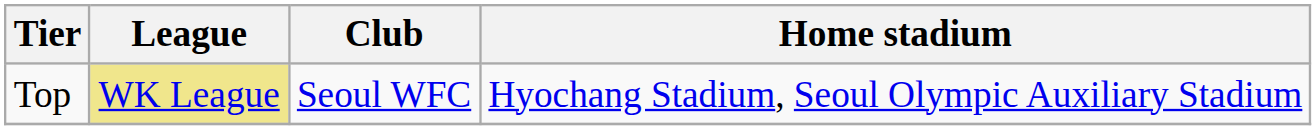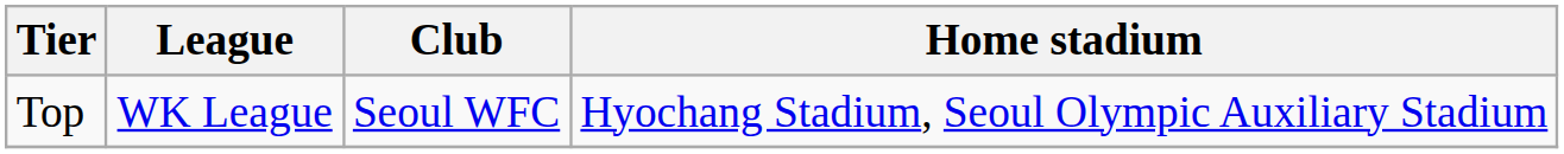 <table class="wikitable">
 <tr>
 <th>Tier</th>
 <th>League</th>
 <th>Club</th>
 <th>Home stadium</th>
 </tr>
 <tr>
 <td>Top</td>
-<td style="background: khaki;"><a href='#'>WK League</a></td>
+<td><a href='#'>WK League</a></td>
 <td><a href='#'>Seoul WFC</a></td>
 <td><a href='#'>Hyochang Stadium</a>, <a href='#'>Seoul Olympic Auxiliary Stadium</a></td>
 </tr>
 <tr>
 </tr>
 </table>
